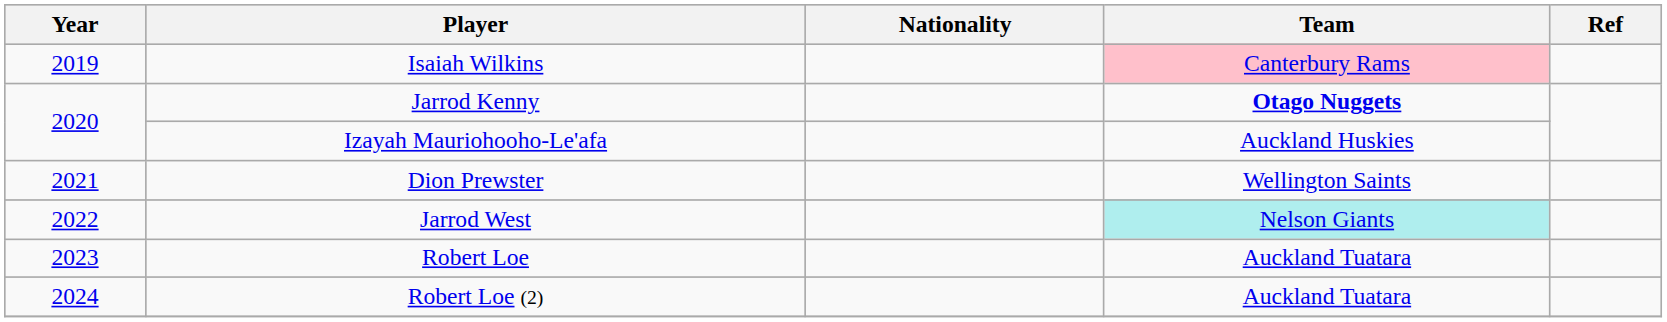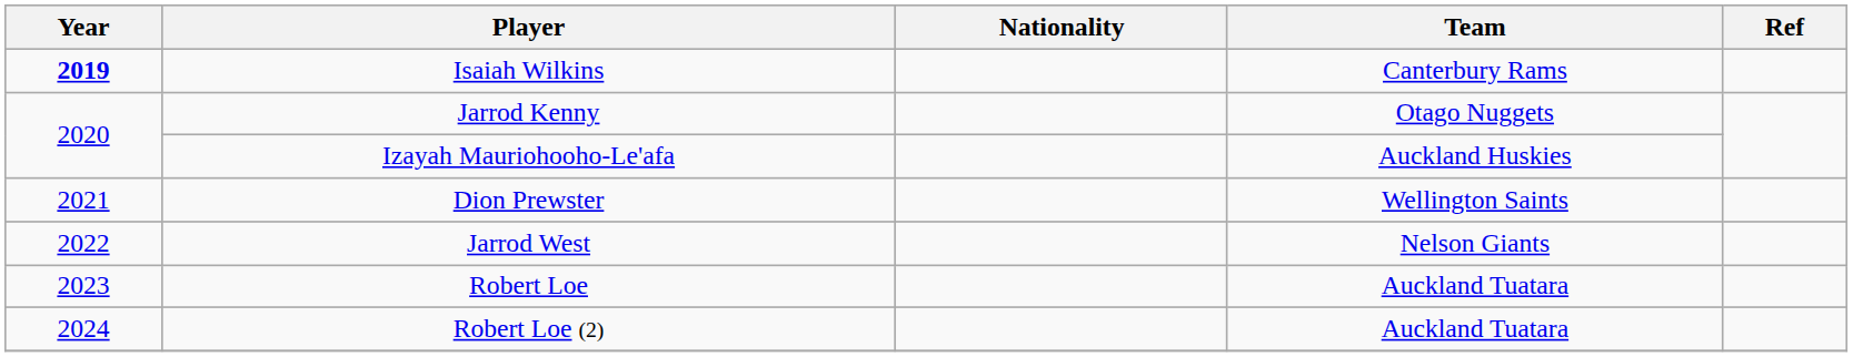 <table class="wikitable" style="width: 80%; text-align:center; font-size:90%">
 <tr>
 <th>Year</th>
 <th>Player</th>
 <th>Nationality</th>
 <th>Team</th>
 <th>Ref</th>
 </tr>
 <tr>
-<td><a href='#'>2019</a></td>
+<td><strong><a href='#'>2019</a></strong></td>
 <td><a href='#'>Isaiah Wilkins</a></td>
 <td></td>
-<td style="background: pink;"><a href='#'>Canterbury Rams</a></td>
+<td><a href='#'>Canterbury Rams</a></td>
 <td></td>
 </tr>
 <tr>
 <td rowspan="2"><a href='#'>2020</a></td>
 <td><a href='#'>Jarrod Kenny</a></td>
 <td></td>
-<td><strong><a href='#'>Otago Nuggets</a></strong></td>
+<td><a href='#'>Otago Nuggets</a></td>
 <td rowspan="2"></td>
 </tr>
 <tr>
 <td><a href='#'>Izayah Mauriohooho-Le'afa</a></td>
 <td></td>
 <td><a href='#'>Auckland Huskies</a></td>
 </tr>
 <tr>
 <td><a href='#'>2021</a></td>
 <td><a href='#'>Dion Prewster</a></td>
 <td></td>
 <td><a href='#'>Wellington Saints</a></td>
 <td></td>
 </tr>
 <tr>
 <td><a href='#'>2022</a></td>
 <td><a href='#'>Jarrod West</a></td>
 <td></td>
-<td style="background: paleturquoise;"><a href='#'>Nelson Giants</a></td>
+<td><a href='#'>Nelson Giants</a></td>
 <td></td>
 </tr>
 <tr>
 <td><a href='#'>2023</a></td>
 <td><a href='#'>Robert Loe</a></td>
 <td></td>
 <td><a href='#'>Auckland Tuatara</a></td>
 <td></td>
 </tr>
 <tr>
 <td><a href='#'>2024</a></td>
 <td><a href='#'>Robert Loe</a> <small>(2)</small></td>
 <td></td>
 <td><a href='#'>Auckland Tuatara</a></td>
 <td></td>
 </tr>
 <tr>
 </tr>
 </table>
